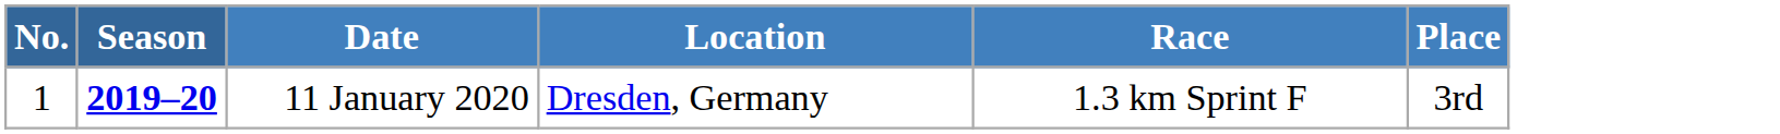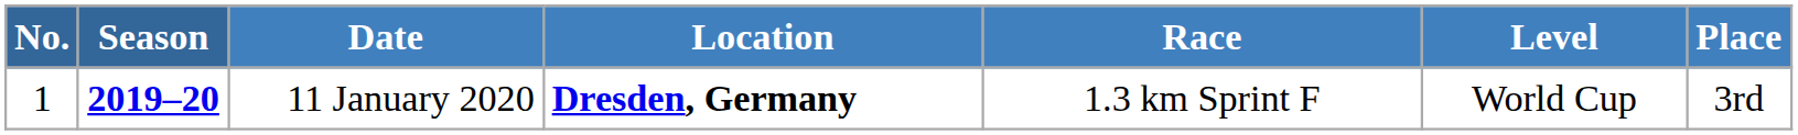 <table class="wikitable sortable" style="font-size:95%; text-align:center; border:grey solid 1px; border-collapse:collapse; background:#ffffff;">
 <tr style="background:#efefef;">
 <th style="background-color:#369; color:white;">No.</th>
 <th style="background-color:#369; color:white;">Season</th>
 <th style="background-color:#4180be; color:white; width:120px;">Date</th>
 <th style="background-color:#4180be; color:white; width:170px;">Location</th>
 <th style="background-color:#4180be; color:white; width:170px;">Race</th>
+<th style="background-color:#4180be; color:white; width:100px;">Level</th>
 <th style="background-color:#4180be; color:white;">Place</th>
 </tr>
 <tr>
 <td align=center>1</td>
 <td rowspan=1 align=center><strong><a href='#'>2019–20</a></strong></td>
 <td align=right>11 January 2020</td>
-<td align=left> <a href='#'>Dresden</a>, Germany</td>
+<td align=left><strong> <a href='#'>Dresden</a>, Germany</strong></td>
 <td>1.3 km Sprint F</td>
+<td>World Cup</td>
 <td>3rd</td>
 </tr>
 </table>
